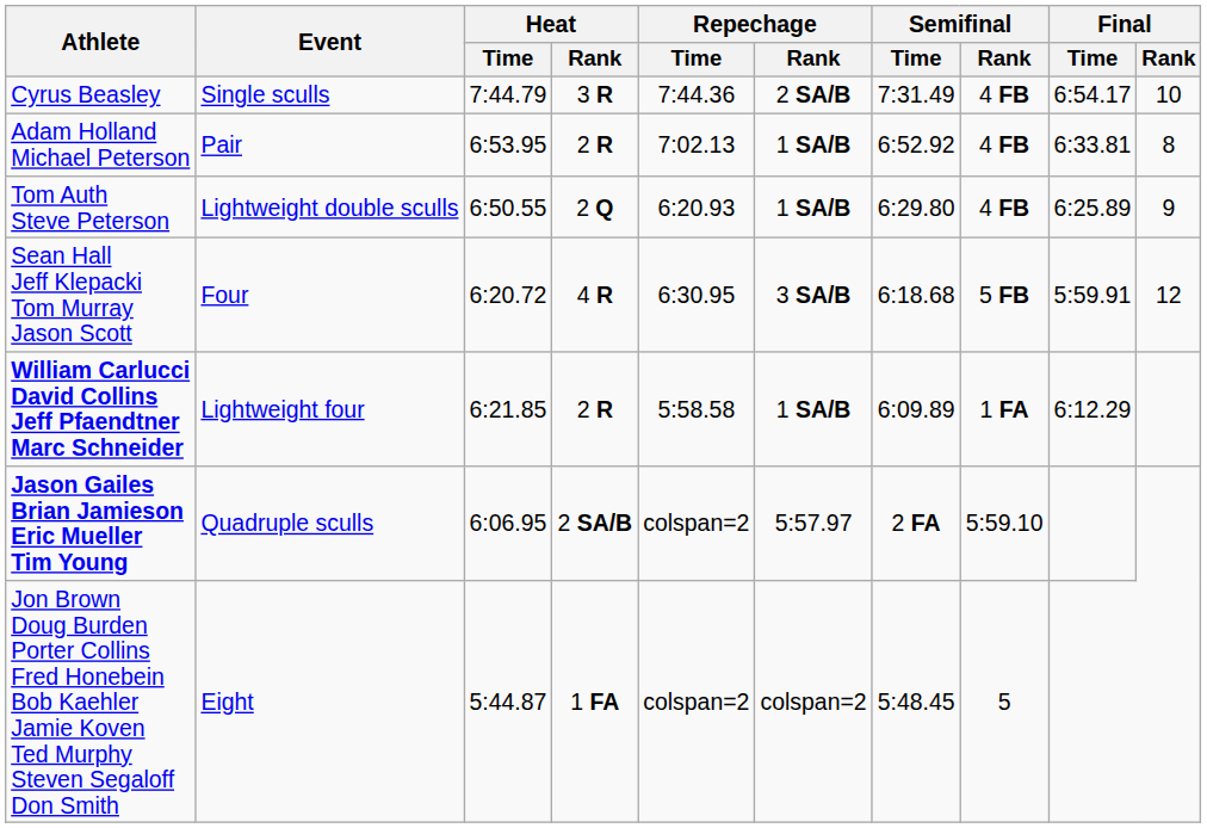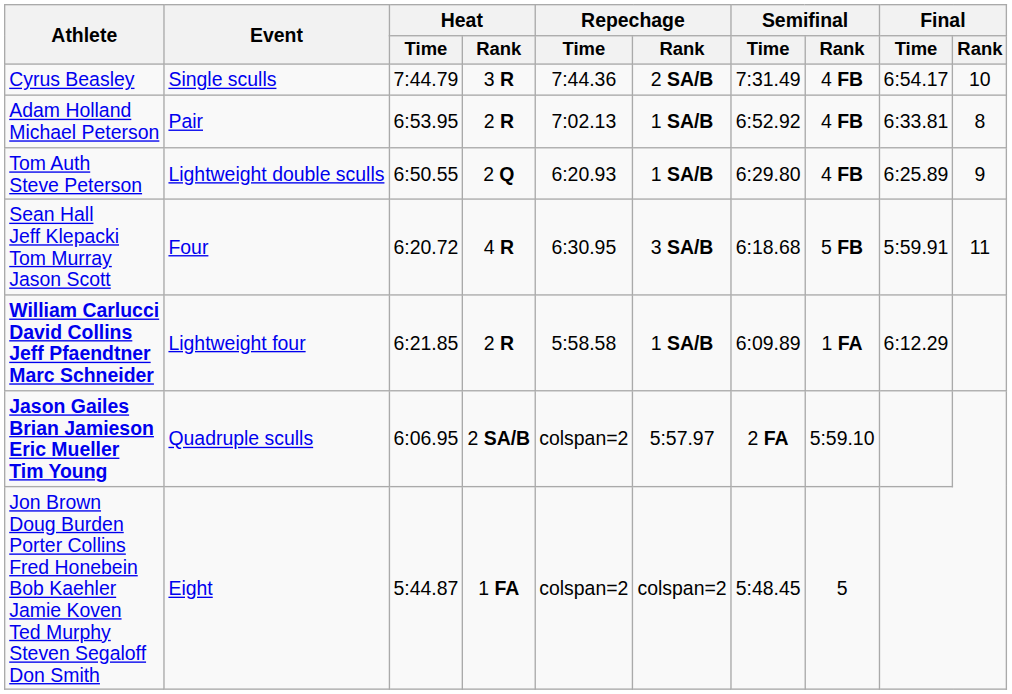 <table class=wikitable style=font-size:90%;text-align:center>
 <tr>
 <th rowspan=2>Athlete</th>
 <th rowspan=2>Event</th>
 <th colspan=2>Heat</th>
 <th colspan=2>Repechage</th>
 <th colspan=2>Semifinal</th>
 <th colspan=2>Final</th>
 </tr>
 <tr style=font-size:95%>
 <th>Time</th>
 <th>Rank</th>
 <th>Time</th>
 <th>Rank</th>
 <th>Time</th>
 <th>Rank</th>
 <th>Time</th>
 <th>Rank</th>
 </tr>
 <tr>
 <td align=left><a href='#'>Cyrus Beasley</a></td>
 <td align=left><a href='#'>Single sculls</a></td>
 <td>7:44.79</td>
 <td>3 <strong>R</strong></td>
 <td>7:44.36</td>
 <td>2 <strong>SA/B</strong></td>
 <td>7:31.49</td>
 <td>4 <strong>FB</strong></td>
 <td>6:54.17</td>
 <td>10</td>
 </tr>
 <tr>
 <td align=left><a href='#'>Adam Holland</a><br><a href='#'>Michael Peterson</a></td>
 <td align=left><a href='#'>Pair</a></td>
 <td>6:53.95</td>
 <td>2 <strong>R</strong></td>
 <td>7:02.13</td>
 <td>1 <strong>SA/B</strong></td>
 <td>6:52.92</td>
 <td>4 <strong>FB</strong></td>
 <td>6:33.81</td>
 <td>8</td>
 </tr>
 <tr>
 <td align=left><a href='#'>Tom Auth</a><br><a href='#'>Steve Peterson</a></td>
 <td align=left><a href='#'>Lightweight double sculls</a></td>
 <td>6:50.55</td>
 <td>2 <strong>Q</strong></td>
 <td>6:20.93</td>
 <td>1 <strong>SA/B</strong></td>
 <td>6:29.80</td>
 <td>4 <strong>FB</strong></td>
 <td>6:25.89</td>
 <td>9</td>
 </tr>
 <tr>
 <td align=left><a href='#'>Sean Hall</a><br><a href='#'>Jeff Klepacki</a><br><a href='#'>Tom Murray</a><br><a href='#'>Jason Scott</a></td>
 <td align=left><a href='#'>Four</a></td>
 <td>6:20.72</td>
 <td>4 <strong>R</strong></td>
 <td>6:30.95</td>
 <td>3 <strong>SA/B</strong></td>
 <td>6:18.68</td>
 <td>5 <strong>FB</strong></td>
 <td>5:59.91</td>
-<td>12</td>
+<td>11</td>
 </tr>
 <tr>
 <td align=left><strong><a href='#'>William Carlucci</a><br><a href='#'>David Collins</a><br><a href='#'>Jeff Pfaendtner</a><br><a href='#'>Marc Schneider</a></strong></td>
 <td align=left><a href='#'>Lightweight four</a></td>
 <td>6:21.85</td>
 <td>2 <strong>R</strong></td>
 <td>5:58.58</td>
 <td>1 <strong>SA/B</strong></td>
 <td>6:09.89</td>
 <td>1 <strong>FA</strong></td>
 <td>6:12.29</td>
 <td></td>
 </tr>
 <tr>
 <td align=left><strong><a href='#'>Jason Gailes</a><br><a href='#'>Brian Jamieson</a><br><a href='#'>Eric Mueller</a><br><a href='#'>Tim Young</a></strong></td>
 <td align=left><a href='#'>Quadruple sculls</a></td>
 <td>6:06.95</td>
 <td>2 <strong>SA/B</strong></td>
 <td>colspan=2 </td>
 <td>5:57.97</td>
 <td>2 <strong>FA</strong></td>
 <td>5:59.10</td>
 <td></td>
 </tr>
 <tr>
 <td align=left><a href='#'>Jon Brown</a><br><a href='#'>Doug Burden</a><br><a href='#'>Porter Collins</a><br><a href='#'>Fred Honebein</a><br><a href='#'>Bob Kaehler</a><br><a href='#'>Jamie Koven</a><br><a href='#'>Ted Murphy</a><br><a href='#'>Steven Segaloff</a><br><a href='#'>Don Smith</a></td>
 <td align=left><a href='#'>Eight</a></td>
 <td>5:44.87</td>
 <td>1 <strong>FA</strong></td>
 <td>colspan=2 </td>
 <td>colspan=2 </td>
 <td>5:48.45</td>
 <td>5</td>
 </tr>
 </table>
